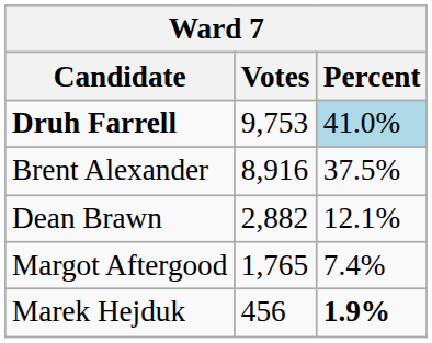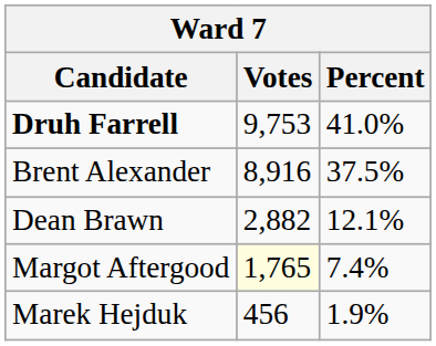 <table class="wikitable">
 <tr>
 <th colspan="3">Ward 7</th>
 </tr>
 <tr>
 <th>Candidate</th>
 <th>Votes</th>
 <th>Percent</th>
 </tr>
 <tr>
 <td><strong>Druh Farrell</strong></td>
 <td>9,753</td>
-<td style="background: lightblue;">41.0%</td>
+<td>41.0%</td>
 </tr>
 <tr>
 <td>Brent Alexander</td>
 <td>8,916</td>
 <td>37.5%</td>
 </tr>
 <tr>
 <td>Dean Brawn</td>
 <td>2,882</td>
 <td>12.1%</td>
 </tr>
 <tr>
 <td>Margot Aftergood</td>
-<td>1,765</td>
+<td style="background: lightyellow;">1,765</td>
 <td>7.4%</td>
 </tr>
 <tr>
 <td>Marek Hejduk</td>
 <td>456</td>
-<td><strong>1.9%</strong></td>
+<td>1.9%</td>
 </tr>
 </table>
